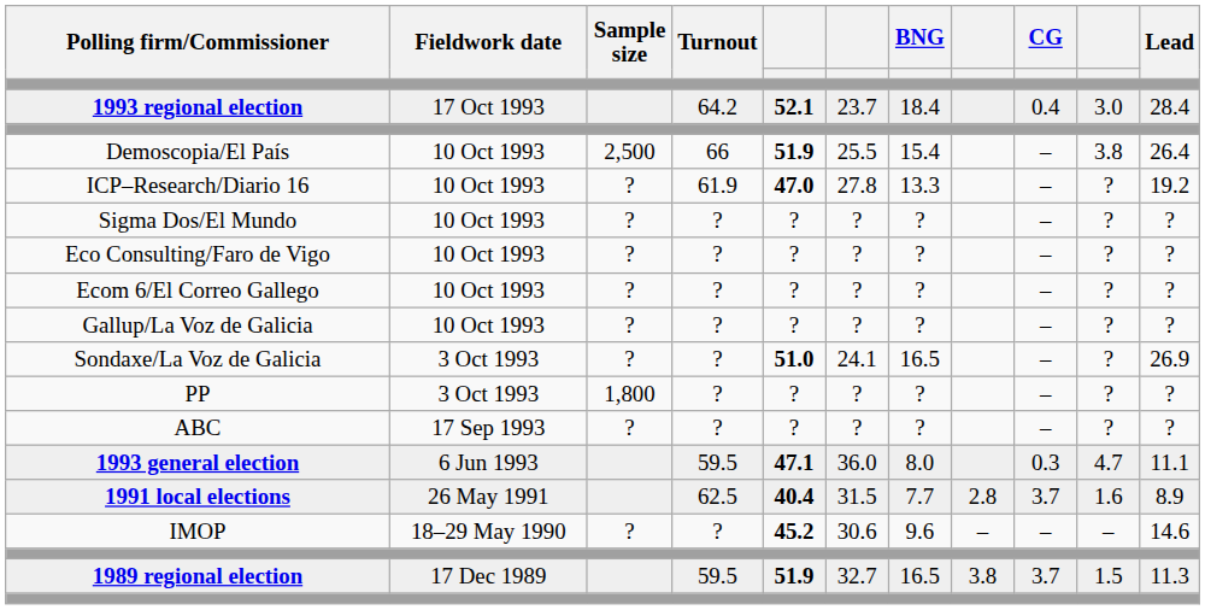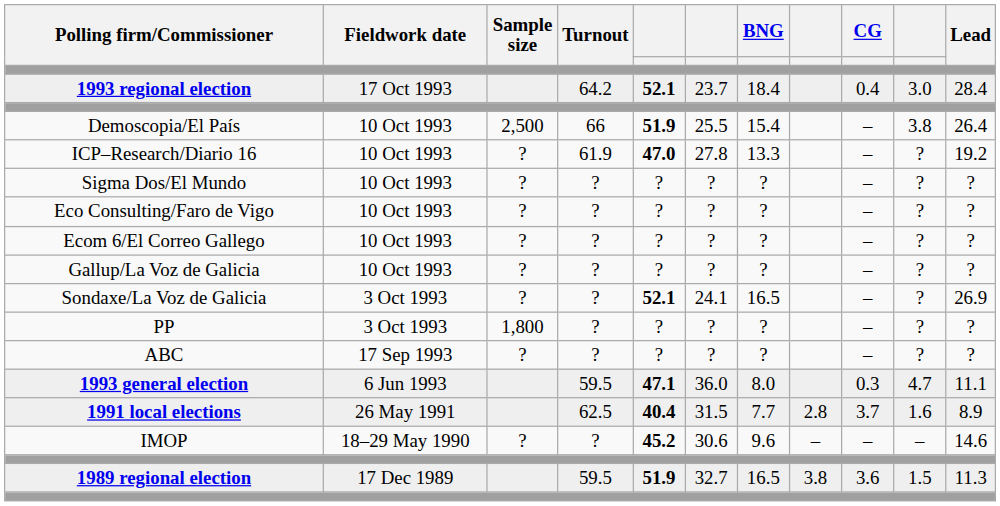 <table class="wikitable collapsible collapsed" style="text-align:center; font-size:95%; line-height:16px;">
 <tr style="height:42px;">
 <th style="width:250px;" rowspan="2">Polling firm/Commissioner</th>
 <th style="width:125px;" rowspan="2">Fieldwork date</th>
 <th style="width:50px;" rowspan="2">Sample size</th>
 <th style="width:45px;" rowspan="2">Turnout</th>
 <th style="width:35px;"></th>
 <th style="width:35px;"></th>
 <th style="width:35px;"><a href='#'>BNG</a></th>
 <th style="width:35px;"></th>
 <th style="width:35px;"><a href='#'>CG</a></th>
 <th style="width:35px;"></th>
 <th style="width:30px;" rowspan="2">Lead</th>
 </tr>
 <tr>
 <th style="color:inherit;background:"></th>
 <th style="color:inherit;background:"></th>
 <th style="color:inherit;background:"></th>
 <th style="color:inherit;background:"></th>
 <th style="color:inherit;background:"></th>
 <th style="color:inherit;background:"></th>
 </tr>
 <tr>
 <td colspan="11" style="background:#A0A0A0"></td>
 </tr>
 <tr style="background:#EFEFEF;">
 <td><strong><a href='#'>1993 regional election</a></strong></td>
 <td>17 Oct 1993</td>
 <td></td>
 <td>64.2</td>
 <td><strong>52.1</strong><br></td>
 <td>23.7<br></td>
 <td>18.4<br></td>
 <td></td>
 <td>0.4<br></td>
 <td>3.0<br></td>
 <td style="background:">28.4</td>
 </tr>
 <tr>
 <td colspan="11" style="background:#A0A0A0"></td>
 </tr>
 <tr>
 <td>Demoscopia/El País</td>
 <td>10 Oct 1993</td>
 <td>2,500</td>
 <td>66</td>
 <td><strong>51.9</strong><br></td>
 <td>25.5<br></td>
 <td>15.4<br></td>
 <td></td>
 <td>–</td>
 <td>3.8<br></td>
 <td style="background:">26.4</td>
 </tr>
 <tr>
 <td>ICP–Research/Diario 16</td>
 <td>10 Oct 1993</td>
 <td>?</td>
 <td>61.9</td>
 <td><strong>47.0</strong><br></td>
 <td>27.8<br></td>
 <td>13.3<br></td>
 <td></td>
 <td>–</td>
 <td>?<br></td>
 <td style="background:">19.2</td>
 </tr>
 <tr>
 <td>Sigma Dos/El Mundo</td>
 <td>10 Oct 1993</td>
 <td>?</td>
 <td>?</td>
 <td>?<br></td>
 <td>?<br></td>
 <td>?<br></td>
 <td></td>
 <td>–</td>
 <td>?<br></td>
 <td style="background:">?</td>
 </tr>
 <tr>
 <td>Eco Consulting/Faro de Vigo</td>
 <td>10 Oct 1993</td>
 <td>?</td>
 <td>?</td>
 <td>?<br></td>
 <td>?<br></td>
 <td>?<br></td>
 <td></td>
 <td>–</td>
 <td>?<br></td>
 <td style="background:">?</td>
 </tr>
 <tr>
 <td>Ecom 6/El Correo Gallego</td>
 <td>10 Oct 1993</td>
 <td>?</td>
 <td>?</td>
 <td>?<br></td>
 <td>?<br></td>
 <td>?<br></td>
 <td></td>
 <td>–</td>
 <td>?<br></td>
 <td style="background:">?</td>
 </tr>
 <tr>
 <td>Gallup/La Voz de Galicia</td>
 <td>10 Oct 1993</td>
 <td>?</td>
 <td>?</td>
 <td>?<br></td>
 <td>?<br></td>
 <td>?<br></td>
 <td></td>
 <td>–</td>
 <td>?<br></td>
 <td style="background:">?</td>
 </tr>
 <tr>
 <td>Sondaxe/La Voz de Galicia</td>
 <td>3 Oct 1993</td>
 <td>?</td>
 <td>?</td>
-<td><strong>51.0</strong><br></td>
+<td><strong>52.1</strong><br></td>
 <td>24.1<br></td>
 <td>16.5<br></td>
 <td></td>
 <td>–</td>
 <td>?<br></td>
 <td style="background:">26.9</td>
 </tr>
 <tr>
 <td>PP</td>
 <td>3 Oct 1993</td>
 <td>1,800</td>
 <td>?</td>
 <td>?<br></td>
 <td>?<br></td>
 <td>?<br></td>
 <td></td>
 <td>–</td>
 <td>?<br></td>
 <td style="background:">?</td>
 </tr>
 <tr>
 <td>ABC</td>
 <td>17 Sep 1993</td>
 <td>?</td>
 <td>?</td>
 <td>?<br></td>
 <td>?<br></td>
 <td>?<br></td>
 <td></td>
 <td>–</td>
 <td>?<br></td>
 <td style="background:">?</td>
 </tr>
 <tr style="background:#EFEFEF;">
 <td><strong><a href='#'>1993 general election</a></strong></td>
 <td>6 Jun 1993</td>
 <td></td>
 <td>59.5</td>
 <td><strong>47.1</strong><br></td>
 <td>36.0<br></td>
 <td>8.0<br></td>
 <td></td>
 <td>0.3<br></td>
 <td>4.7<br></td>
 <td style="background:">11.1</td>
 </tr>
 <tr style="background:#EFEFEF;">
 <td><strong><a href='#'>1991 local elections</a></strong></td>
 <td>26 May 1991</td>
 <td></td>
 <td>62.5</td>
 <td><strong>40.4</strong></td>
 <td>31.5</td>
 <td>7.7</td>
 <td>2.8</td>
 <td>3.7</td>
 <td>1.6</td>
 <td style="background:">8.9</td>
 </tr>
 <tr>
 <td>IMOP</td>
 <td>18–29 May 1990</td>
 <td>?</td>
 <td>?</td>
 <td><strong>45.2</strong></td>
 <td>30.6</td>
 <td>9.6</td>
 <td>–</td>
 <td>–</td>
 <td>–</td>
 <td style="background:">14.6</td>
 </tr>
 <tr>
 <td colspan="11" style="background:#A0A0A0"></td>
 </tr>
 <tr style="background:#EFEFEF;">
 <td><strong><a href='#'>1989 regional election</a></strong></td>
 <td>17 Dec 1989</td>
 <td></td>
 <td>59.5</td>
 <td><strong>51.9</strong><br></td>
 <td>32.7<br></td>
 <td>16.5<br></td>
 <td>3.8<br></td>
-<td>3.7</td>
+<td>3.6<br></td>
 <td>1.5<br></td>
 <td style="background:">11.3</td>
 </tr>
 <tr>
 <td colspan="11" style="background:#A0A0A0"></td>
 </tr>
 </table>
